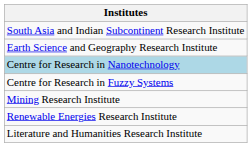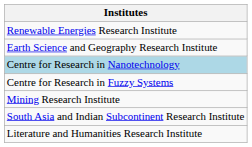 <table class="wikitable">
 <tr>
 <th>Institutes</th>
 </tr>
 <tr>
-<td><a href='#'>South Asia</a> and Indian <a href='#'>Subcontinent</a> Research Institute</td>
+<td><a href='#'>Renewable Energies</a> Research Institute</td>
 </tr>
 <tr>
 <td><a href='#'>Earth Science</a> and Geography Research Institute</td>
 </tr>
 <tr>
 <td style="background: lightblue;">Centre for Research in <a href='#'>Nanotechnology</a></td>
 </tr>
 <tr>
 <td>Centre for Research in <a href='#'>Fuzzy Systems</a></td>
 </tr>
 <tr>
 <td><a href='#'>Mining</a> Research Institute</td>
 </tr>
 <tr>
-<td><a href='#'>Renewable Energies</a> Research Institute</td>
+<td><a href='#'>South Asia</a> and Indian <a href='#'>Subcontinent</a> Research Institute</td>
 </tr>
 <tr>
 <td>Literature and Humanities Research Institute</td>
 </tr>
 </table>
